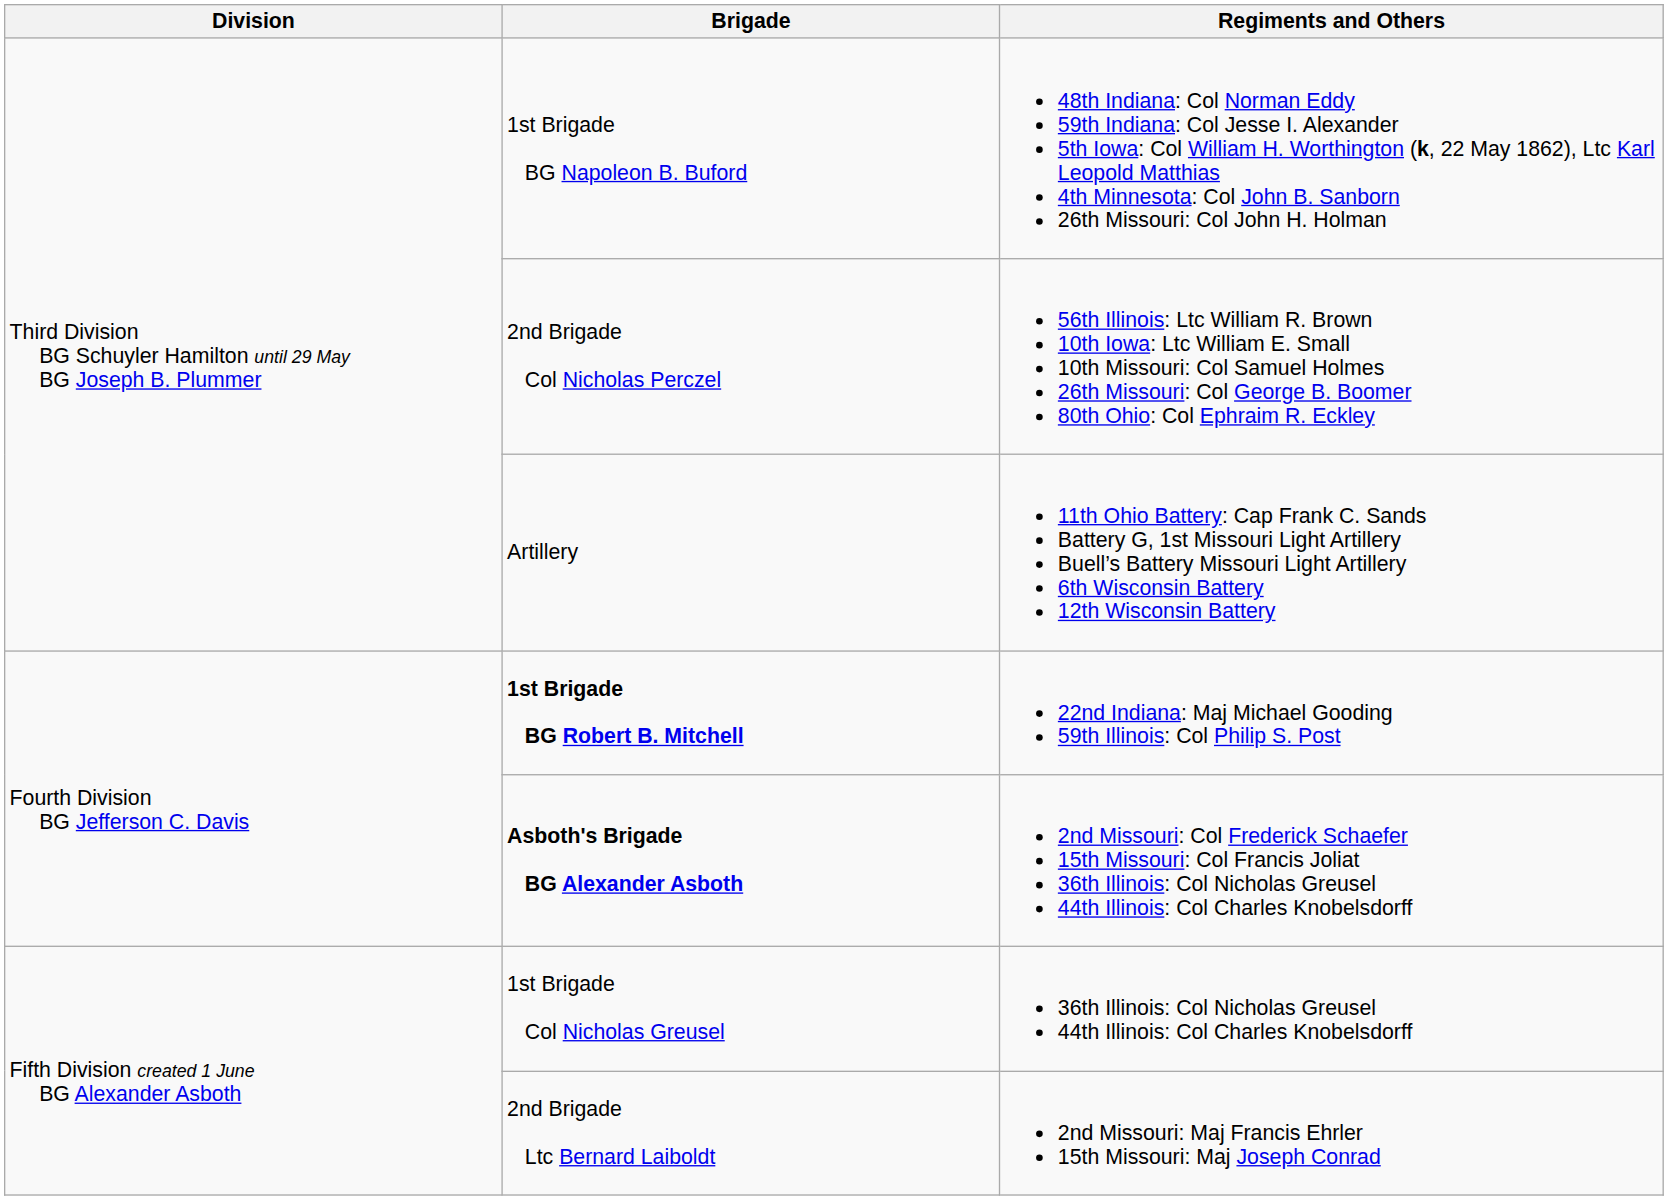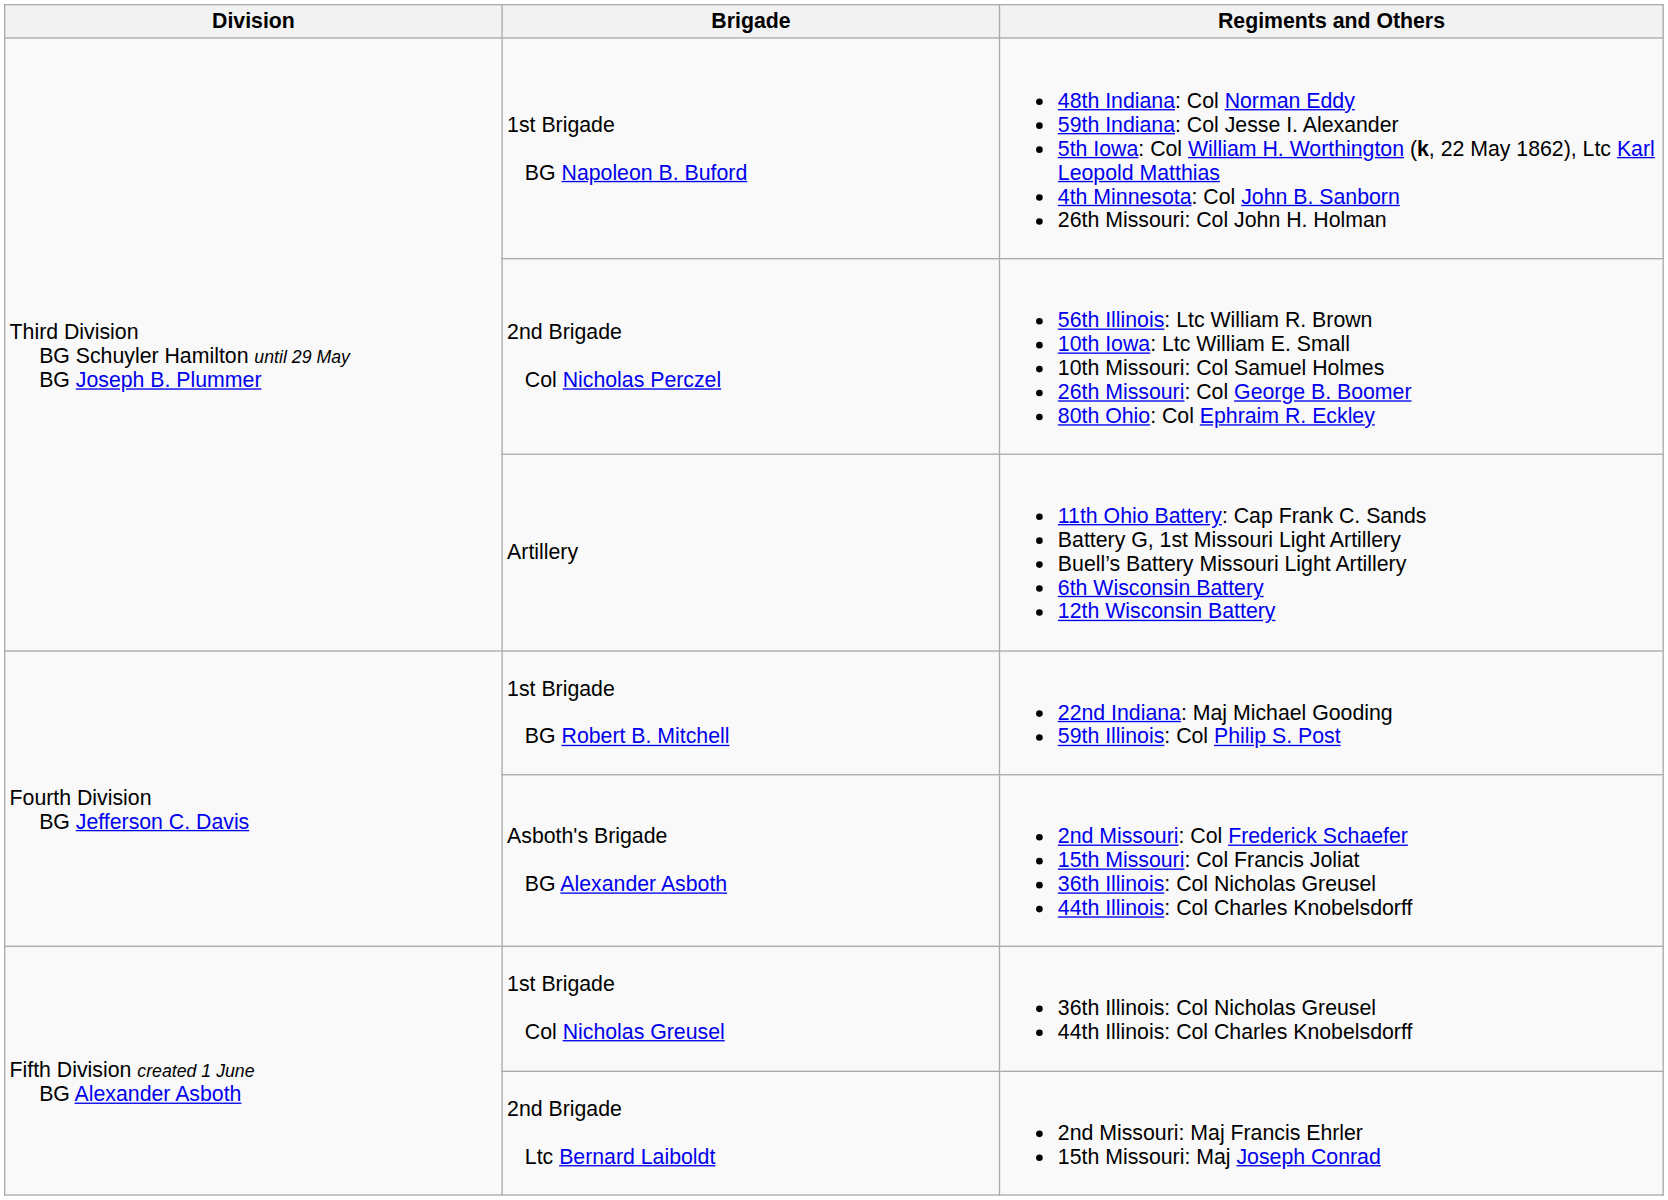 <table class="wikitable">
 <tr>
 <th width=30%>Division</th>
 <th width=30%>Brigade</th>
 <th>Regiments and Others</th>
 </tr>
 <tr>
 <td rowspan=3><br>Third Division <br>     BG Schuyler Hamilton <small><em>until 29 May</em></small><br>     BG <a href='#'>Joseph B. Plummer</a></td>
 <td>1st Brigade<br><br>   BG <a href='#'>Napoleon B. Buford</a></td>
 <td><br><ul><li><a href='#'>48th Indiana</a>: Col <a href='#'>Norman Eddy</a></li><li><a href='#'>59th Indiana</a>: Col Jesse I. Alexander</li><li><a href='#'>5th Iowa</a>: Col <a href='#'>William H. Worthington</a> (<strong>k</strong>, 22 May 1862), Ltc <a href='#'>Karl Leopold Matthias</a></li><li><a href='#'>4th Minnesota</a>: Col <a href='#'>John B. Sanborn</a></li><li>26th Missouri: Col John H. Holman</li></ul></td>
 </tr>
 <tr>
 <td>2nd Brigade<br><br>   Col <a href='#'>Nicholas Perczel</a></td>
 <td><br><ul><li><a href='#'>56th Illinois</a>: Ltc William R. Brown</li><li><a href='#'>10th Iowa</a>: Ltc William E. Small</li><li>10th Missouri: Col Samuel Holmes</li><li><a href='#'>26th Missouri</a>: Col <a href='#'>George B. Boomer</a></li><li><a href='#'>80th Ohio</a>: Col <a href='#'>Ephraim R. Eckley</a></li></ul></td>
 </tr>
 <tr>
 <td>Artillery</td>
 <td><br><ul><li><a href='#'>11th Ohio Battery</a>: Cap Frank C. Sands</li><li>Battery G, 1st Missouri Light Artillery</li><li>Buell’s Battery Missouri Light Artillery</li><li><a href='#'>6th Wisconsin Battery</a></li><li><a href='#'>12th Wisconsin Battery</a></li></ul></td>
 </tr>
 <tr>
 <td rowspan=2><br>Fourth Division <br>     BG <a href='#'>Jefferson C. Davis</a></td>
-<td><strong>1st Brigade<br><br>   BG <a href='#'>Robert B. Mitchell</a></strong></td>
+<td>1st Brigade<br><br>   BG <a href='#'>Robert B. Mitchell</a></td>
 <td><br><ul><li><a href='#'>22nd Indiana</a>: Maj Michael Gooding</li><li><a href='#'>59th Illinois</a>: Col <a href='#'>Philip S. Post</a></li></ul></td>
 </tr>
 <tr>
-<td><strong>Asboth's Brigade<br><br>   BG <a href='#'>Alexander Asboth</a></strong></td>
+<td>Asboth's Brigade<br><br>   BG <a href='#'>Alexander Asboth</a></td>
 <td><br><ul><li><a href='#'>2nd Missouri</a>: Col <a href='#'>Frederick Schaefer</a></li><li><a href='#'>15th Missouri</a>: Col Francis Joliat</li><li><a href='#'>36th Illinois</a>: Col Nicholas Greusel</li><li><a href='#'>44th Illinois</a>: Col Charles Knobelsdorff</li></ul></td>
 </tr>
 <tr>
 <td rowspan=2><br>Fifth Division <small><em>created 1 June</em></small> <br>     BG <a href='#'>Alexander Asboth</a></td>
 <td>1st Brigade<br><br>   Col <a href='#'>Nicholas Greusel</a></td>
 <td><br><ul><li>36th Illinois: Col Nicholas Greusel</li><li>44th Illinois: Col Charles Knobelsdorff</li></ul></td>
 </tr>
 <tr>
 <td>2nd Brigade<br><br>   Ltc <a href='#'>Bernard Laiboldt</a></td>
 <td><br><ul><li>2nd Missouri: Maj Francis Ehrler</li><li>15th Missouri: Maj <a href='#'>Joseph Conrad</a></li></ul></td>
 </tr>
 </table>
